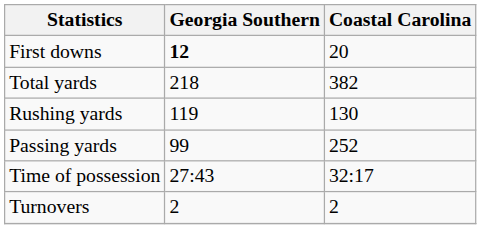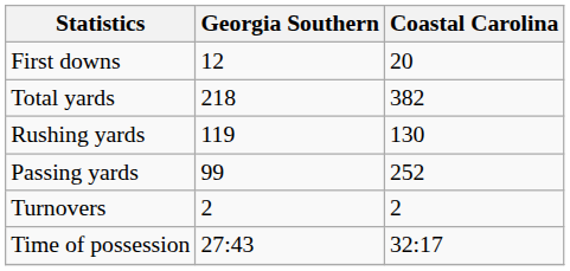 <table class="wikitable">
 <tr>
 <th>Statistics</th>
 <th>Georgia Southern</th>
 <th>Coastal Carolina</th>
 </tr>
 <tr>
 <td>First downs</td>
-<td><strong>12</strong></td>
+<td>12</td>
 <td>20</td>
 </tr>
 <tr>
 <td>Total yards</td>
 <td>218</td>
 <td>382</td>
 </tr>
 <tr>
 <td>Rushing yards</td>
 <td>119</td>
 <td>130</td>
 </tr>
 <tr>
 <td>Passing yards</td>
 <td>99</td>
 <td>252</td>
 </tr>
 <tr>
+<td>Turnovers</td>
+<td>2</td>
+<td>2</td>
+</tr>
+<tr>
 <td>Time of possession</td>
 <td>27:43</td>
 <td>32:17</td>
 </tr>
 <tr>
-<td>Turnovers</td>
-<td>2</td>
-<td>2</td>
-</tr>
-<tr>
 </tr>
 </table>
